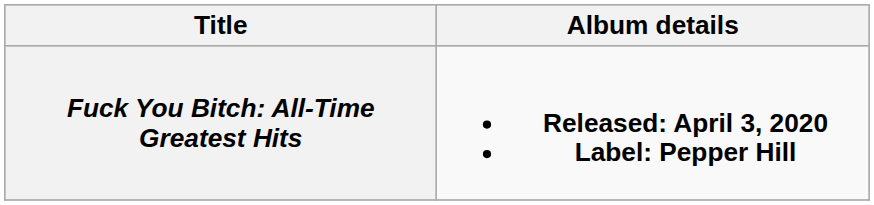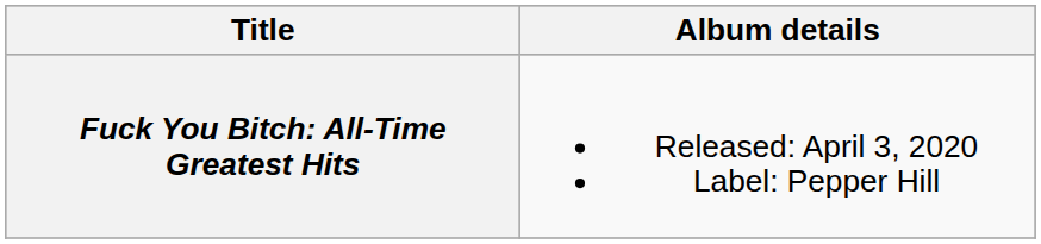 <table class="wikitable plainrowheaders" style="text-align:center;">
 <tr>
 <th scope="col" style="width:16em;">Title</th>
 <th scope="col" style="width:16em;">Album details</th>
 </tr>
 <tr>
 <th scope="row"><em>Fuck You Bitch: All-Time Greatest Hits</th>
-<td><strong><br><ul><li>Released: April 3, 2020</li><li>Label: Pepper Hill</li></ul></strong></td>
+<td><br><ul><li>Released: April 3, 2020</li><li>Label: Pepper Hill</li></ul></td>
 </tr>
 </table>
